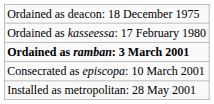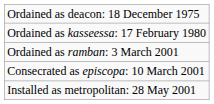 <table class="wikitable">
 <tr>
 <td>Ordained as deacon:  18 December 1975</td>
 </tr>
 <tr>
 <td>Ordained as <em>kasseessa</em>:  17 February 1980</td>
 </tr>
 <tr>
-<td><strong>Ordained as <em>ramban</em>:  3 March 2001</strong></td>
+<td>Ordained as <em>ramban</em>:  3 March 2001</td>
 </tr>
 <tr>
 <td>Consecrated as <em>episcopa</em>:  10 March 2001</td>
 </tr>
 <tr>
 <td>Installed as metropolitan:  28 May 2001</td>
 </tr>
 </table>
